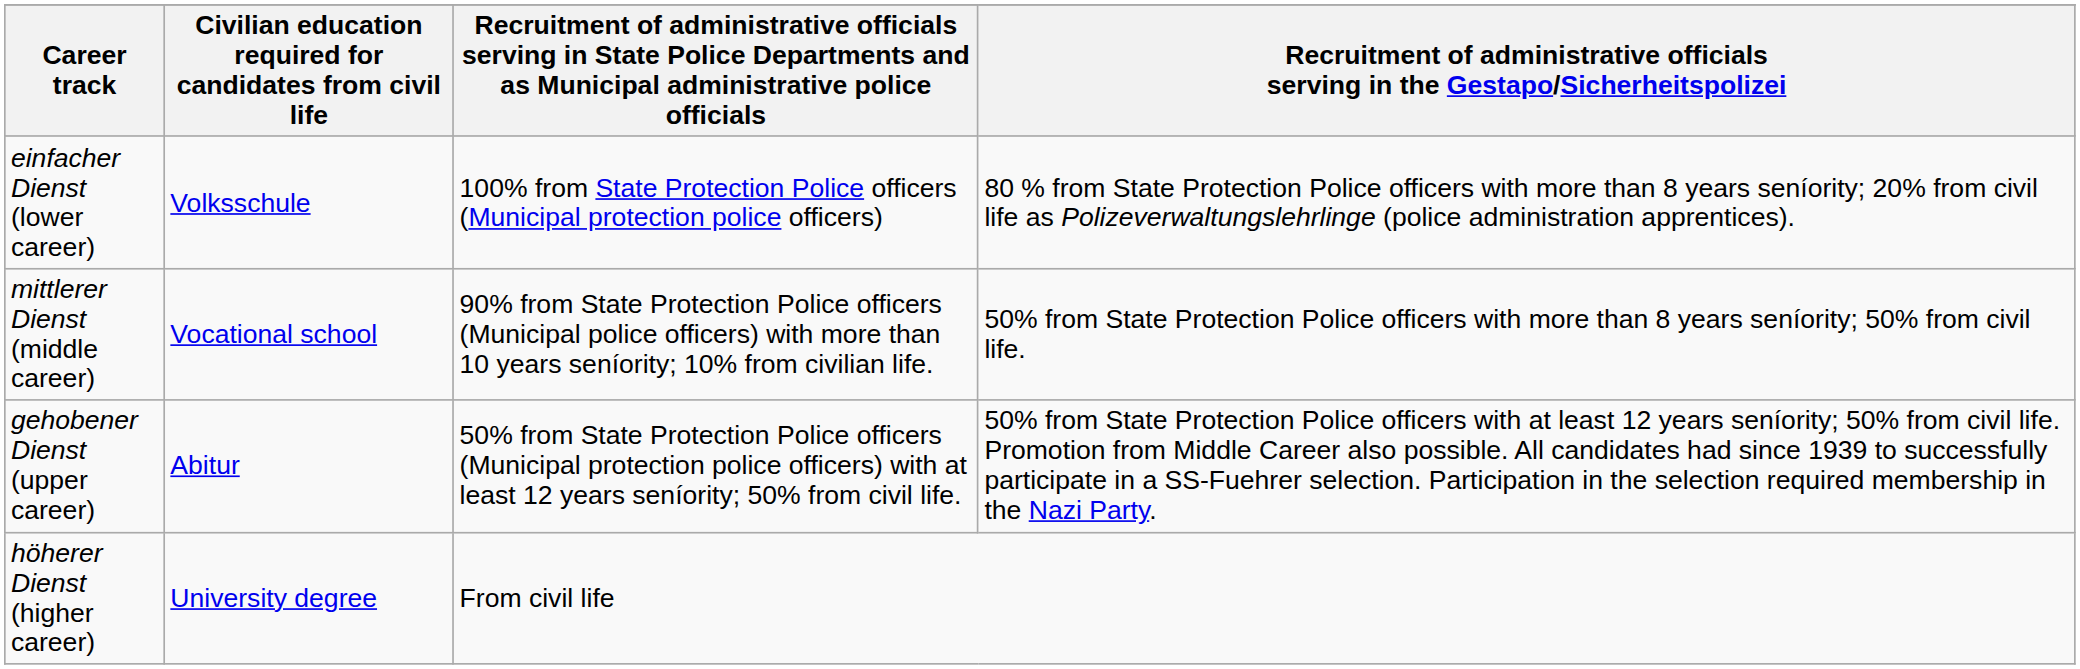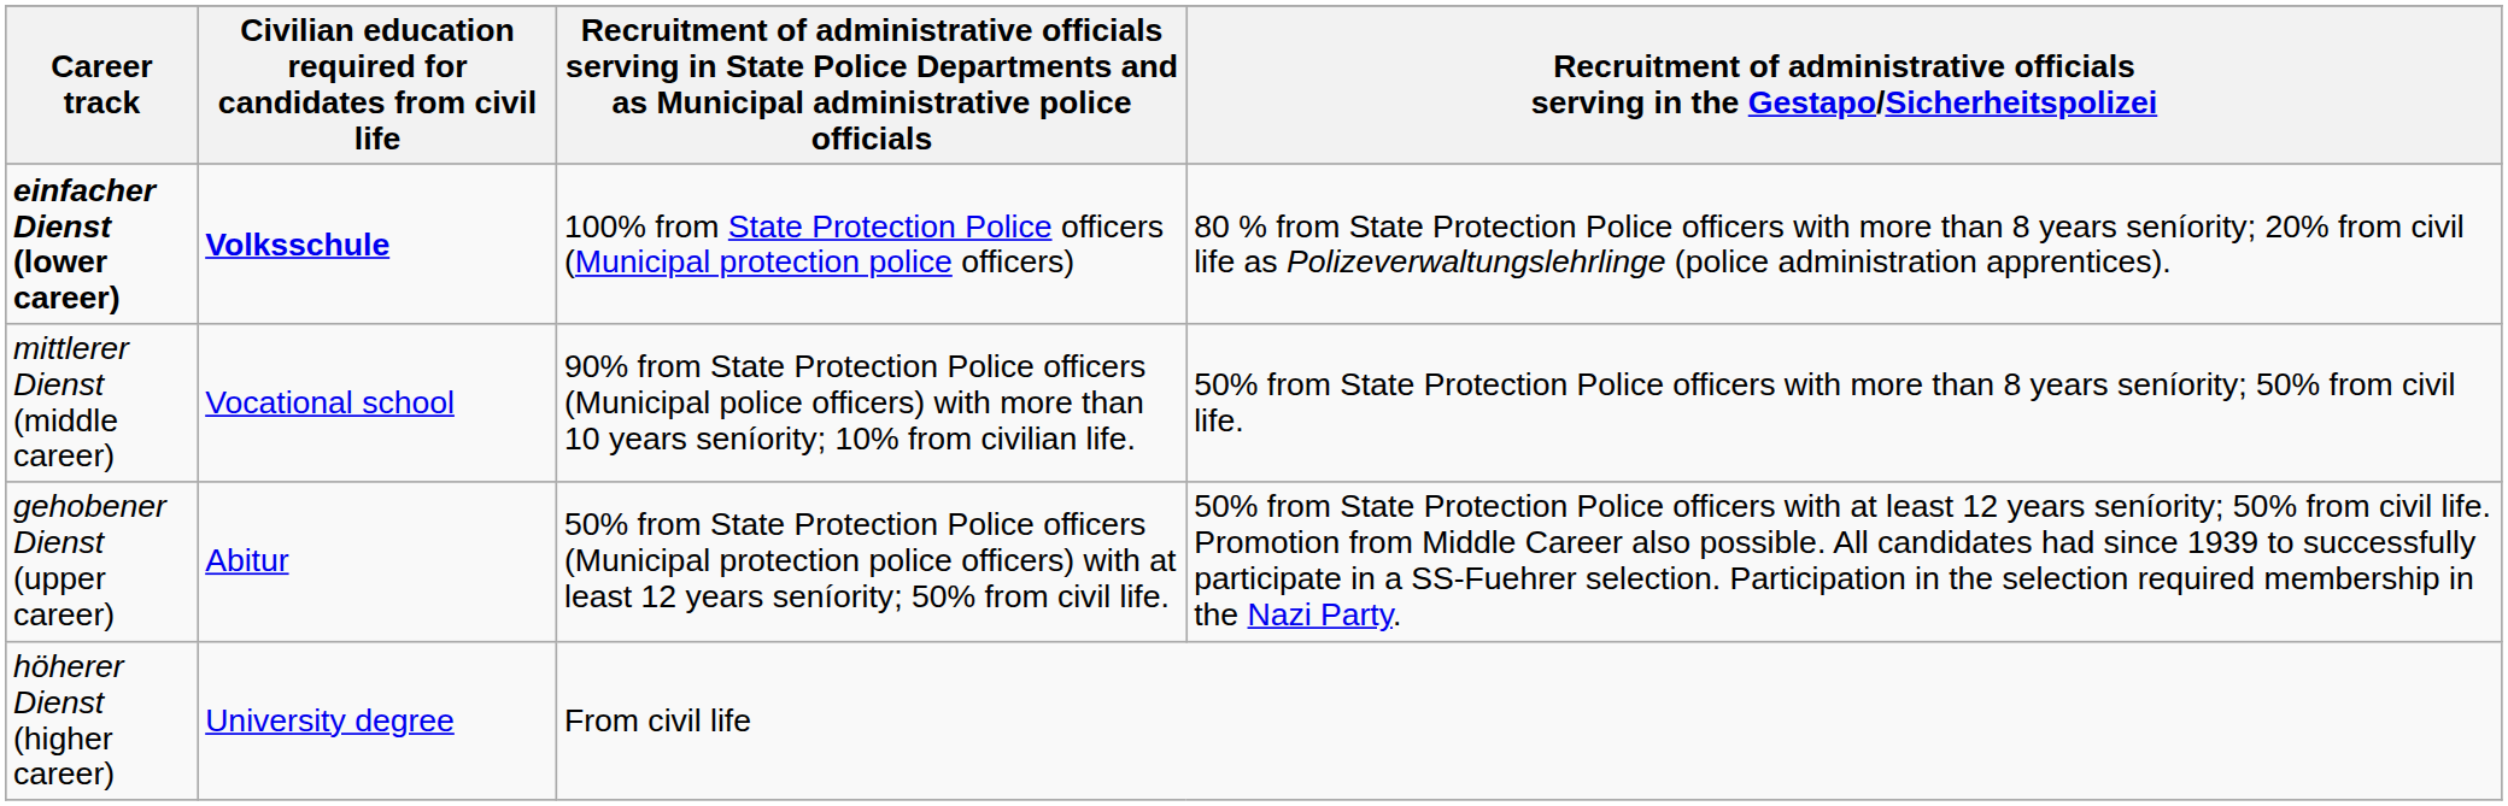 <table class="wikitable">
 <tr bgcolor="F1F1F1">
 </tr>
 <tr>
 <th>Career track</th>
 <th>Civilian education required for candidates from civil life</th>
 <th>Recruitment of administrative officials serving in State Police Departments and as Municipal administrative police officials </th>
 <th>Recruitment of administrative officials<br> serving in the <a href='#'>Gestapo</a>/<a href='#'>Sicherheitspolizei</a></th>
 </tr>
 <tr>
-<td><em>einfacher Dienst</em><br>(lower career)</td>
-<td><a href='#'>Volksschule</a></td>
+<td><strong><em>einfacher Dienst</em><br>(lower career)</strong></td>
+<td><strong><a href='#'>Volksschule</a></strong></td>
 <td>100% from <a href='#'>State Protection Police</a> officers (<a href='#'>Municipal protection police</a> officers)</td>
 <td>80 % from State Protection Police officers with more than 8 years seníority; 20% from civil life as <em>Polizeverwaltungslehrlinge</em> (police administration apprentices).</td>
 </tr>
 <tr>
 <td><em>mittlerer Dienst</em><br>(middle career)</td>
 <td><a href='#'>Vocational school</a></td>
 <td>90% from State Protection Police officers (Municipal police officers) with more than 10  years seníority; 10% from civilian life.</td>
 <td>50% from State Protection Police officers with more than 8 years seníority; 50% from civil life.</td>
 </tr>
 <tr>
 <td><em>gehobener Dienst</em><br>(upper career)</td>
 <td><a href='#'>Abitur</a></td>
 <td>50% from State Protection Police officers (Municipal protection police officers) with at least 12 years seníority; 50% from civil life.</td>
 <td>50% from State Protection Police officers with at least 12 years seníority; 50% from civil life. Promotion from Middle Career also possible. All candidates had since 1939 to successfully participate in a SS-Fuehrer selection. Participation in the selection required membership in the <a href='#'>Nazi Party</a>.</td>
 </tr>
 <tr>
 <td><em>höherer Dienst</em><br>(higher career)</td>
 <td><a href='#'>University degree</a></td>
 <td colspan=2>From civil life</td>
 </tr>
 </table>
